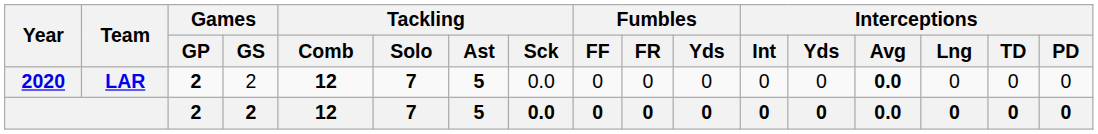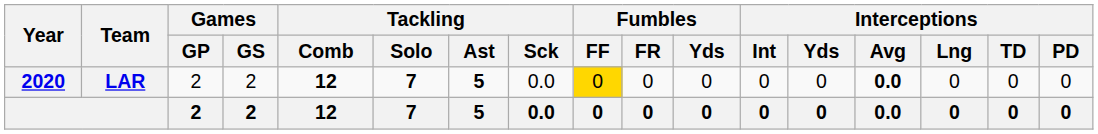 <table class="wikitable"  style="text-align:center; width:45%;">
 <tr>
 <th rowspan="2">Year</th>
 <th rowspan="2">Team</th>
 <th colspan="2">Games</th>
 <th colspan="4">Tackling</th>
 <th colspan="3">Fumbles</th>
 <th colspan="6">Interceptions</th>
 </tr>
 <tr>
 <th>GP</th>
 <th>GS</th>
 <th>Comb</th>
 <th>Solo</th>
 <th>Ast</th>
 <th>Sck</th>
 <th>FF</th>
 <th>FR</th>
 <th>Yds</th>
 <th>Int</th>
 <th>Yds</th>
 <th>Avg</th>
 <th>Lng</th>
 <th>TD</th>
 <th>PD</th>
 </tr>
 <tr>
 <th><a href='#'>2020</a></th>
 <th><a href='#'>LAR</a></th>
-<td><strong>2</strong></td>
+<td>2</td>
 <td>2</td>
 <td><strong>12</strong></td>
 <td><strong>7</strong></td>
 <td><strong>5</strong></td>
 <td>0.0</td>
-<td>0</td>
+<td style="background: gold;">0</td>
 <td>0</td>
 <td>0</td>
 <td>0</td>
 <td>0</td>
 <td><strong>0.0</strong></td>
 <td>0</td>
 <td>0</td>
 <td>0</td>
 </tr>
 <tr>
 <th colspan="2"></th>
 <th>2</th>
 <th>2</th>
 <th>12</th>
 <th>7</th>
 <th>5</th>
 <th>0.0</th>
 <th>0</th>
 <th>0</th>
 <th>0</th>
 <th>0</th>
 <th>0</th>
 <th>0.0</th>
 <th>0</th>
 <th>0</th>
 <th>0</th>
 </tr>
 </table>
